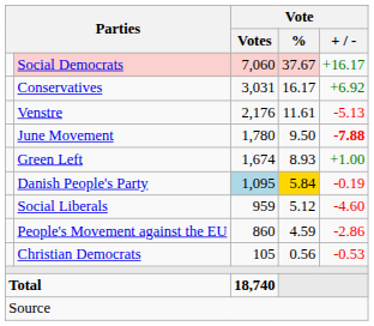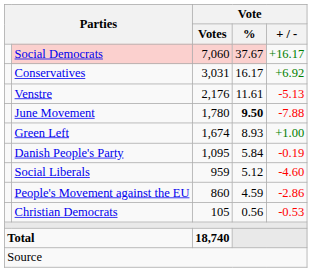 <table class="wikitable" style="text-align:right;">
 <tr>
 <th style="text-align:centre;" rowspan="2" colspan="2" width="225">Parties</th>
 <th colspan="3">Vote</th>
 </tr>
 <tr>
 <th width="15">Votes</th>
 <th width="15">%</th>
 <th width="15">+ / -</th>
 </tr>
 <tr>
 <td width="2" style="color:inherit;background:"></td>
 <td bgcolor=#fbd0ce   align="left"><a href='#'>Social Democrats</a></td>
 <td bgcolor=#fbd0ce>7,060</td>
 <td bgcolor=#fbd0ce>37.67</td>
 <td style=color:green;>+16.17</td>
 </tr>
 <tr>
 <td width="2" style="color:inherit;background:"></td>
 <td align="left"><a href='#'>Conservatives</a></td>
 <td>3,031</td>
 <td>16.17</td>
 <td style=color:green;>+6.92</td>
 </tr>
 <tr>
 <td width="2" style="color:inherit;background:"></td>
 <td align="left"><a href='#'>Venstre</a></td>
 <td>2,176</td>
 <td>11.61</td>
 <td style=color:red;>-5.13</td>
 </tr>
 <tr>
 <td width="2" style="color:inherit;background:"></td>
 <td align="left"><a href='#'>June Movement</a></td>
 <td>1,780</td>
-<td>9.50</td>
-<td style=color:red;><strong>-7.88</strong></td>
+<td><strong>9.50</strong></td>
+<td style=color:red;>-7.88</td>
 </tr>
 <tr>
 <td width="2" style="color:inherit;background:"></td>
 <td align="left"><a href='#'>Green Left</a></td>
 <td>1,674</td>
 <td>8.93</td>
 <td style=color:green;>+1.00</td>
 </tr>
 <tr>
 <td width="2" style="color:inherit;background:"></td>
 <td align="left"><a href='#'>Danish People's Party</a></td>
-<td style="background: lightblue;">1,095</td>
-<td style="background: gold;">5.84</td>
+<td>1,095</td>
+<td>5.84</td>
 <td style=color:red;>-0.19</td>
 </tr>
 <tr>
 <td width="2" style="color:inherit;background:"></td>
 <td align="left"><a href='#'>Social Liberals</a></td>
 <td>959</td>
 <td>5.12</td>
 <td style=color:red;>-4.60</td>
 </tr>
 <tr>
 <td width="2" style="color:inherit;background:"></td>
 <td align="left"><a href='#'>People's Movement against the EU</a></td>
 <td>860</td>
 <td>4.59</td>
 <td style=color:red;>-2.86</td>
 </tr>
 <tr>
 <td width="2" style="color:inherit;background:"></td>
 <td align="left"><a href='#'>Christian Democrats</a></td>
 <td>105</td>
 <td>0.56</td>
 <td style=color:red;>-0.53</td>
 </tr>
 <tr>
 <td colspan="7" bgcolor="#E9E9E9"></td>
 </tr>
 <tr>
 <td align="left" colspan="2"><strong>Total</strong></td>
 <td><strong>18,740</strong></td>
 <td bgcolor="#E9E9E9" colspan="2"></td>
 </tr>
 <tr>
 <td align="left" colspan="6">Source</td>
 </tr>
 </table>
